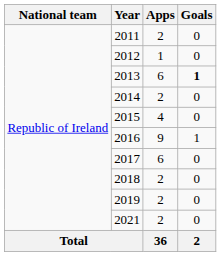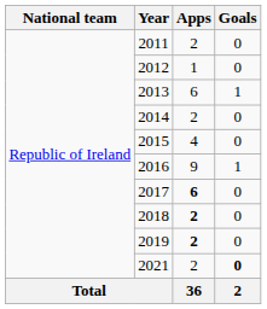 <table class=wikitable style=text-align:center>
 <tr>
 <th>National team</th>
 <th>Year</th>
 <th>Apps</th>
 <th>Goals</th>
 </tr>
 <tr>
 <td rowspan=10><a href='#'>Republic of Ireland</a></td>
 <td>2011</td>
 <td>2</td>
 <td>0</td>
 </tr>
 <tr>
 <td>2012</td>
 <td>1</td>
 <td>0</td>
 </tr>
 <tr>
 <td>2013</td>
 <td>6</td>
-<td><strong>1</strong></td>
+<td>1</td>
 </tr>
 <tr>
 <td>2014</td>
 <td>2</td>
 <td>0</td>
 </tr>
 <tr>
 <td>2015</td>
 <td>4</td>
 <td>0</td>
 </tr>
 <tr>
 <td>2016</td>
 <td>9</td>
 <td>1</td>
 </tr>
 <tr>
 <td>2017</td>
-<td>6</td>
+<td><strong>6</strong></td>
 <td>0</td>
 </tr>
 <tr>
 <td>2018</td>
-<td>2</td>
+<td><strong>2</strong></td>
 <td>0</td>
 </tr>
 <tr>
 <td>2019</td>
-<td>2</td>
+<td><strong>2</strong></td>
 <td>0</td>
 </tr>
 <tr>
 <td>2021</td>
 <td>2</td>
-<td>0</td>
+<td><strong>0</strong></td>
 </tr>
 <tr>
 <th colspan=2>Total</th>
 <th>36</th>
 <th>2</th>
 </tr>
 </table>
